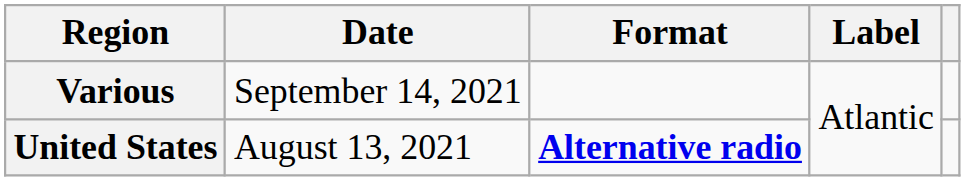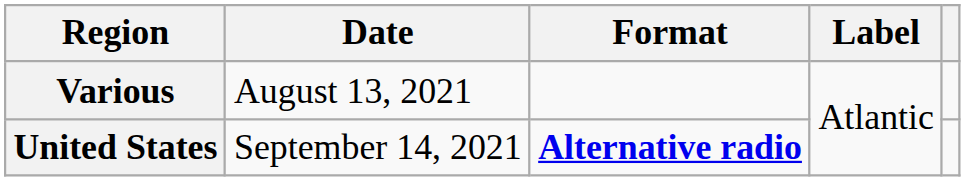 <table class="wikitable plainrowheaders">
 <tr>
 <th scope="col">Region</th>
 <th scope="col">Date</th>
 <th scope="col">Format</th>
 <th scope="col">Label</th>
 <th scope="col"></th>
 </tr>
 <tr>
 <th scope="row">Various</th>
-<td>September 14, 2021</td>
+<td>August 13, 2021</td>
 <td></td>
 <td rowspan="2">Atlantic</td>
 <td></td>
 </tr>
 <tr>
 <th scope="row">United States</th>
-<td>August 13, 2021</td>
+<td>September 14, 2021</td>
 <td><strong><a href='#'>Alternative radio</a></strong></td>
 <td></td>
 </tr>
 </table>
